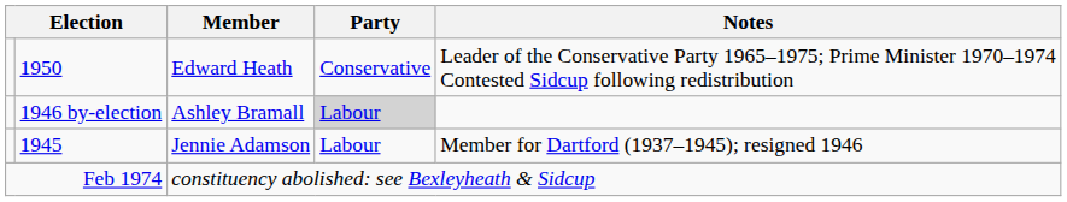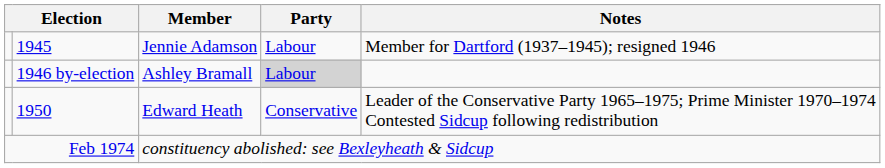 <table class="wikitable">
 <tr>
 <th colspan="2">Election</th>
 <th>Member</th>
 <th>Party</th>
 <th>Notes</th>
 </tr>
 <tr>
 <td style="color:inherit;background-color: "></td>
-<td><a href='#'>1950</a></td>
-<td><a href='#'>Edward Heath</a></td>
-<td><a href='#'>Conservative</a></td>
-<td>Leader of the Conservative Party 1965–1975; Prime Minister 1970–1974<br>Contested <a href='#'>Sidcup</a> following redistribution</td>
+<td><a href='#'>1945</a></td>
+<td><a href='#'>Jennie Adamson</a></td>
+<td><a href='#'>Labour</a></td>
+<td>Member for <a href='#'>Dartford</a> (1937–1945); resigned 1946</td>
 </tr>
 <tr>
 <td style="color:inherit;background-color: "></td>
 <td><a href='#'>1946 by-election</a></td>
 <td><a href='#'>Ashley Bramall</a></td>
 <td style="background: lightgrey;"><a href='#'>Labour</a></td>
 </tr>
 <tr>
 <td style="color:inherit;background-color: "></td>
-<td><a href='#'>1945</a></td>
-<td><a href='#'>Jennie Adamson</a></td>
-<td><a href='#'>Labour</a></td>
-<td>Member for <a href='#'>Dartford</a> (1937–1945); resigned 1946</td>
+<td><a href='#'>1950</a></td>
+<td><a href='#'>Edward Heath</a></td>
+<td><a href='#'>Conservative</a></td>
+<td>Leader of the Conservative Party 1965–1975; Prime Minister 1970–1974<br>Contested <a href='#'>Sidcup</a> following redistribution</td>
 </tr>
 <tr>
 <td colspan="2" align="right"><a href='#'>Feb 1974</a></td>
 <td colspan="3"><em>constituency abolished: see <a href='#'>Bexleyheath</a> & <a href='#'>Sidcup</a></em></td>
 </tr>
 </table>
